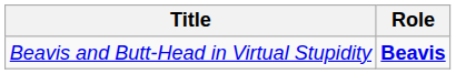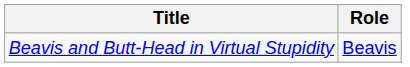 <table class="wikitable">
 <tr>
 <th>Title</th>
 <th>Role</th>
 </tr>
 <tr>
 <td><em><a href='#'>Beavis and Butt-Head in Virtual Stupidity</a></em></td>
-<td><strong><a href='#'>Beavis</a></strong></td>
+<td><a href='#'>Beavis</a></td>
 </tr>
 </table>
